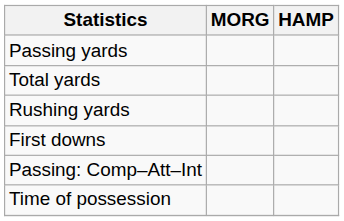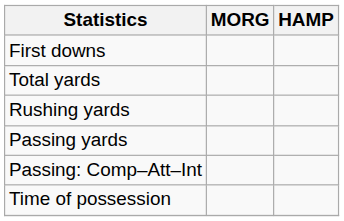 <table class="wikitable" style="float: left;">
 <tr>
 <th>Statistics</th>
 <th>MORG</th>
 <th>HAMP</th>
 </tr>
 <tr>
-<td>Passing yards</td>
+<td>First downs</td>
 <td></td>
 <td></td>
 </tr>
 <tr>
 <td>Total yards</td>
 <td></td>
 <td></td>
 </tr>
 <tr>
 <td>Rushing yards</td>
 <td></td>
 <td></td>
 </tr>
 <tr>
-<td>First downs</td>
+<td>Passing yards</td>
 <td></td>
 <td></td>
 </tr>
 <tr>
 <td>Passing: Comp–Att–Int</td>
 <td></td>
 <td></td>
 </tr>
 <tr>
 <td>Time of possession</td>
 <td></td>
 <td></td>
 </tr>
 <tr>
 </tr>
 </table>
